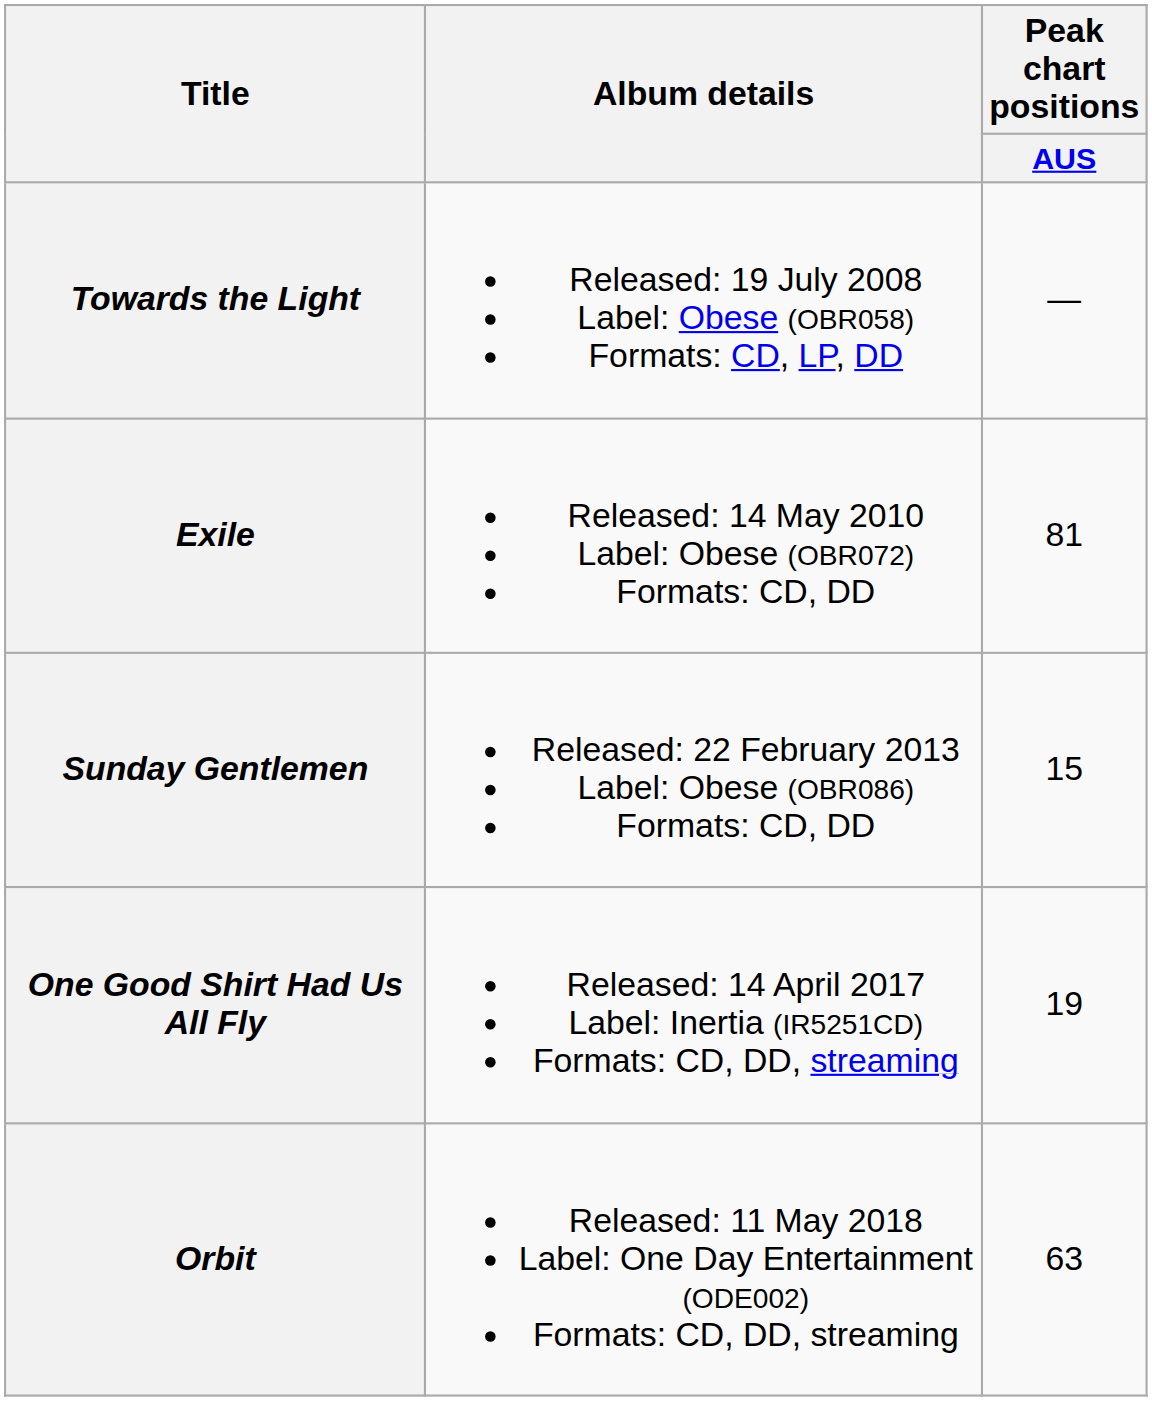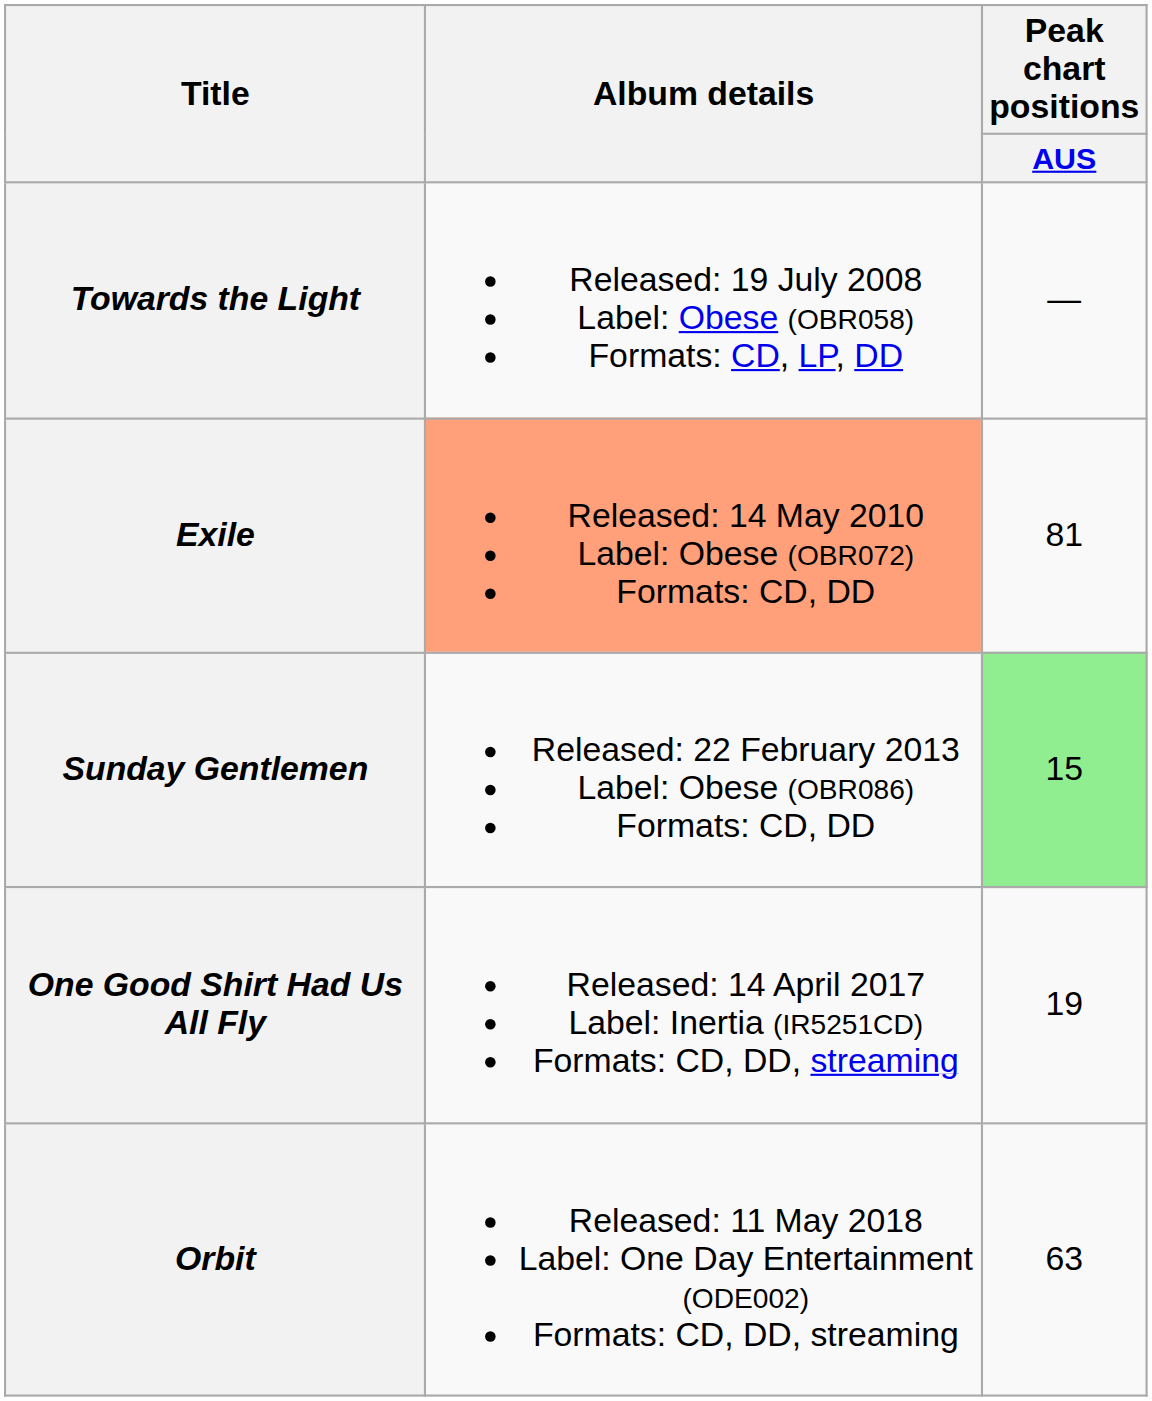 <table class="wikitable plainrowheaders" style="text-align:center;" border="1">
 <tr>
 <th scope="col" rowspan="2" style="width:12em;">Title</th>
 <th scope="col" rowspan="2" style="width:16em;">Album details</th>
 <th scope="col" colspan="1">Peak chart positions</th>
 </tr>
 <tr>
 <th scope="col" style="width:3em;font-size:90%;"><a href='#'>AUS</a><br></th>
 </tr>
 <tr>
 <th scope="row"><em>Towards the Light</em></th>
 <td><br><ul><li>Released: 19 July 2008</li><li>Label: <a href='#'>Obese</a> <small>(OBR058)</small></li><li>Formats: <a href='#'>CD</a>, <a href='#'>LP</a>, <a href='#'>DD</a></li></ul></td>
 <td>—</td>
 </tr>
 <tr>
 <th scope="row"><em>Exile</em></th>
-<td><br><ul><li>Released: 14 May 2010</li><li>Label: Obese <small>(OBR072)</small></li><li>Formats: CD, DD</li></ul></td>
+<td style="background: lightsalmon;"><br><ul><li>Released: 14 May 2010</li><li>Label: Obese <small>(OBR072)</small></li><li>Formats: CD, DD</li></ul></td>
 <td>81</td>
 </tr>
 <tr>
 <th scope="row"><em>Sunday Gentlemen</em></th>
 <td><br><ul><li>Released: 22 February 2013</li><li>Label: Obese <small>(OBR086)</small></li><li>Formats: CD, DD</li></ul></td>
-<td>15</td>
+<td style="background: lightgreen;">15</td>
 </tr>
 <tr>
 <th scope="row"><em>One Good Shirt Had Us All Fly</em></th>
 <td><br><ul><li>Released: 14 April 2017</li><li>Label: Inertia <small>(IR5251CD)</small></li><li>Formats: CD, DD, <a href='#'>streaming</a></li></ul></td>
 <td>19</td>
 </tr>
 <tr>
 <th scope="row"><em>Orbit</em></th>
 <td><br><ul><li>Released: 11 May 2018</li><li>Label: One Day Entertainment <small>(ODE002)</small></li><li>Formats: CD, DD, streaming</li></ul></td>
 <td>63</td>
 </tr>
 </table>
